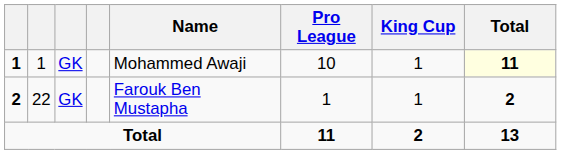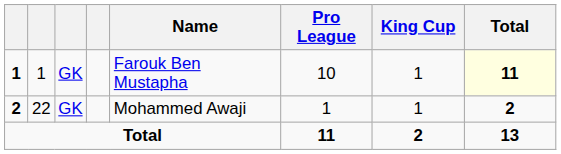 <table class="wikitable" style="text-align:center">
 <tr>
 <th width=15></th>
 <th width=15></th>
 <th width=15></th>
 <th width=15></th>
 <th width=155>Name</th>
 <th width=80><a href='#'>Pro League</a></th>
 <th width=80><a href='#'>King Cup</a></th>
 <th width=80>Total</th>
 </tr>
 <tr>
 <td><strong>1</strong></td>
 <td>1</td>
 <td><a href='#'>GK</a></td>
 <td></td>
-<td align=left>Mohammed Awaji</td>
+<td align=left><a href='#'>Farouk Ben Mustapha</a></td>
 <td>10</td>
 <td>1</td>
 <td style="background: lightyellow;"><strong>11</strong></td>
 </tr>
 <tr>
 <td><strong>2</strong></td>
 <td>22</td>
 <td><a href='#'>GK</a></td>
 <td></td>
-<td align=left><a href='#'>Farouk Ben Mustapha</a></td>
+<td align=left>Mohammed Awaji</td>
 <td>1</td>
 <td>1</td>
 <td><strong>2</strong></td>
 </tr>
 <tr>
 <td colspan=5><strong>Total</strong></td>
 <td><strong>11</strong></td>
 <td><strong>2</strong></td>
 <td><strong>13</strong></td>
 </tr>
 </table>
